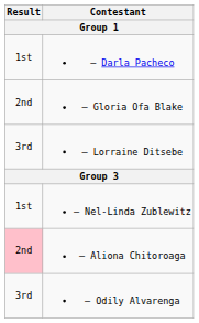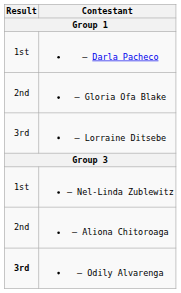 <table class="wikitable" style="text-align:center;">
 <tr>
 <th>Result</th>
 <th>Contestant</th>
 </tr>
 <tr>
 <th colspan=2>Group 1</th>
 </tr>
 <tr>
 <td>1st</td>
 <td><br><ul><li> – <a href='#'>Darla Pacheco</a></li></ul></td>
 </tr>
 <tr>
 <td>2nd</td>
 <td><br><ul><li> – Gloria Ofa Blake</li></ul></td>
 </tr>
 <tr>
 <td>3rd</td>
 <td><br><ul><li> – Lorraine Ditsebe</li></ul></td>
 </tr>
 <tr>
 <th colspan=2>Group 3</th>
 </tr>
 <tr>
 <td>1st</td>
 <td><br><ul><li> – Nel-Linda Zublewitz</li></ul></td>
 </tr>
 <tr>
-<td style="background: pink;">2nd</td>
+<td>2nd</td>
 <td><br><ul><li> – Aliona Chitoroaga</li></ul></td>
 </tr>
 <tr>
-<td>3rd</td>
+<td><strong>3rd</strong></td>
 <td><br><ul><li> – Odily Alvarenga</li></ul></td>
 </tr>
 </table>
